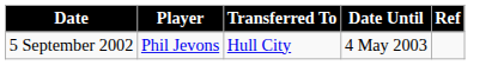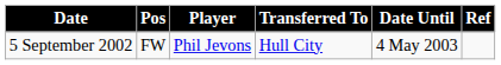 <table class="wikitable plainrowheaders sortable">
 <tr>
 <th style="background:#000000; color:#FFFFFF; ">Date</th>
+<th style="background:#000000; color:#FFFFff; ">Pos</th>
 <th style="background:#000000; color:#FFFFff; ">Player</th>
 <th style="background:#000000; color:#FFFFff; ">Transferred To</th>
 <th style="background:#000000; color:#FFFFff; ">Date Until</th>
 <th style="background:#000000; color:#FFFFff; ">Ref</th>
 </tr>
 <tr>
 <td>5 September 2002</td>
+<td>FW</td>
 <td> <a href='#'>Phil Jevons</a></td>
 <td> <a href='#'>Hull City</a></td>
 <td>4 May 2003</td>
 <td></td>
 </tr>
 </table>
